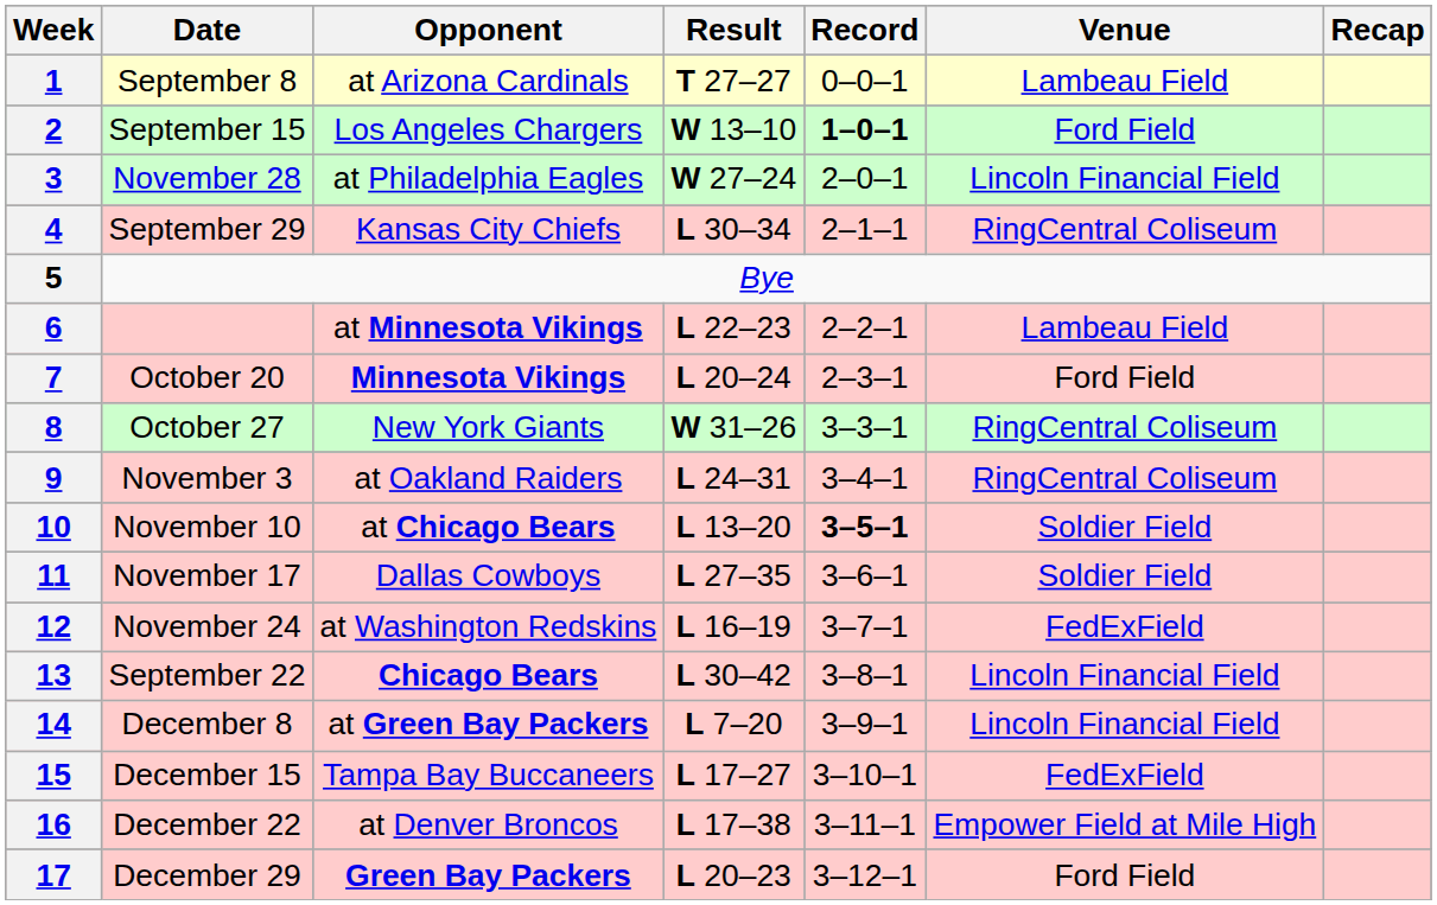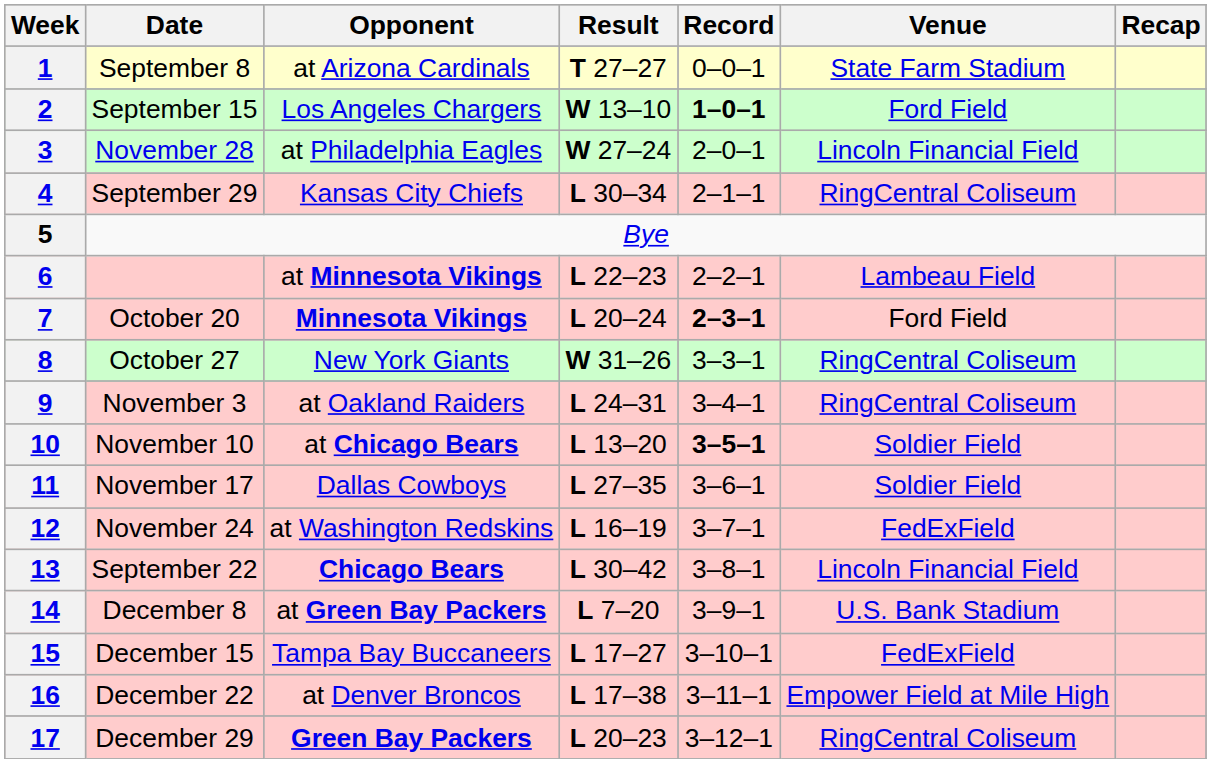 <table class="wikitable" style="text-align:center">
 <tr>
 <th>Week</th>
 <th>Date</th>
 <th>Opponent</th>
 <th>Result</th>
 <th>Record</th>
 <th>Venue</th>
 <th>Recap</th>
 </tr>
 <tr style="background:#ffc">
 <th><a href='#'>1</a></th>
 <td>September 8</td>
 <td>at <a href='#'>Arizona Cardinals</a></td>
 <td><strong>T</strong> 27–27 </td>
 <td>0–0–1</td>
-<td><a href='#'>Lambeau Field</a></td>
+<td><a href='#'>State Farm Stadium</a></td>
 <td></td>
 </tr>
 <tr style="background:#cfc">
 <th><a href='#'>2</a></th>
 <td>September 15</td>
 <td><a href='#'>Los Angeles Chargers</a></td>
 <td><strong>W</strong> 13–10</td>
 <td><strong>1–0–1</strong></td>
 <td><a href='#'>Ford Field</a></td>
 <td></td>
 </tr>
 <tr style="background:#cfc">
 <th><a href='#'>3</a></th>
 <td><a href='#'>November 28</a></td>
 <td>at <a href='#'>Philadelphia Eagles</a></td>
 <td><strong>W</strong> 27–24</td>
 <td>2–0–1</td>
 <td><a href='#'>Lincoln Financial Field</a></td>
 <td></td>
 </tr>
 <tr style="background:#fcc">
 <th><a href='#'>4</a></th>
 <td>September 29</td>
 <td><a href='#'>Kansas City Chiefs</a></td>
 <td><strong>L</strong> 30–34</td>
 <td>2–1–1</td>
 <td><a href='#'>RingCentral Coliseum</a></td>
 <td></td>
 </tr>
 <tr>
 <th>5</th>
 <td colspan="6"><em><a href='#'>Bye</a></em></td>
 </tr>
 <tr style="background:#fcc">
 <th><a href='#'>6</a></th>
 <td></td>
 <td>at <strong><a href='#'>Minnesota Vikings</a></strong></td>
 <td><strong>L</strong> 22–23</td>
 <td>2–2–1</td>
 <td><a href='#'>Lambeau Field</a></td>
 <td></td>
 </tr>
 <tr style="background:#fcc">
 <th><a href='#'>7</a></th>
 <td>October 20</td>
 <td><strong><a href='#'>Minnesota Vikings</a></strong></td>
 <td><strong>L</strong> 20–24</td>
-<td>2–3–1</td>
+<td><strong>2–3–1</strong></td>
 <td>Ford Field</td>
 <td></td>
 </tr>
 <tr style="background:#cfc">
 <th><a href='#'>8</a></th>
 <td>October 27</td>
 <td><a href='#'>New York Giants</a></td>
 <td><strong>W</strong> 31–26</td>
 <td>3–3–1</td>
 <td><a href='#'>RingCentral Coliseum</a></td>
 <td></td>
 </tr>
 <tr style="background:#fcc">
 <th><a href='#'>9</a></th>
 <td>November 3</td>
 <td>at <a href='#'>Oakland Raiders</a></td>
 <td><strong>L</strong> 24–31</td>
 <td>3–4–1</td>
 <td><a href='#'>RingCentral Coliseum</a></td>
 <td></td>
 </tr>
 <tr style="background:#fcc">
 <th><a href='#'>10</a></th>
 <td>November 10</td>
 <td>at <strong><a href='#'>Chicago Bears</a></strong></td>
 <td><strong>L</strong> 13–20</td>
 <td><strong>3–5–1</strong></td>
 <td><a href='#'>Soldier Field</a></td>
 <td></td>
 </tr>
 <tr style="background:#fcc">
 <th><a href='#'>11</a></th>
 <td>November 17</td>
 <td><a href='#'>Dallas Cowboys</a></td>
 <td><strong>L</strong> 27–35</td>
 <td>3–6–1</td>
 <td><a href='#'>Soldier Field</a></td>
 <td></td>
 </tr>
 <tr style="background:#fcc">
 <th><a href='#'>12</a></th>
 <td>November 24</td>
 <td>at <a href='#'>Washington Redskins</a></td>
 <td><strong>L</strong> 16–19</td>
 <td>3–7–1</td>
 <td><a href='#'>FedExField</a></td>
 <td></td>
 </tr>
 <tr style="background:#fcc">
 <th><a href='#'>13</a></th>
 <td>September 22</td>
 <td><strong><a href='#'>Chicago Bears</a></strong></td>
 <td><strong>L</strong> 30–42</td>
 <td>3–8–1</td>
 <td><a href='#'>Lincoln Financial Field</a></td>
 <td></td>
 </tr>
 <tr style="background:#fcc">
 <th><a href='#'>14</a></th>
 <td>December 8</td>
 <td>at <strong><a href='#'>Green Bay Packers</a></strong></td>
 <td><strong>L</strong> 7–20</td>
 <td>3–9–1</td>
-<td><a href='#'>Lincoln Financial Field</a></td>
+<td><a href='#'>U.S. Bank Stadium</a></td>
 <td></td>
 </tr>
 <tr style="background:#fcc">
 <th><a href='#'>15</a></th>
 <td>December 15</td>
 <td><a href='#'>Tampa Bay Buccaneers</a></td>
 <td><strong>L</strong> 17–27</td>
 <td>3–10–1</td>
 <td><a href='#'>FedExField</a></td>
 <td></td>
 </tr>
 <tr style="background:#fcc">
 <th><a href='#'>16</a></th>
 <td>December 22</td>
 <td>at <a href='#'>Denver Broncos</a></td>
 <td><strong>L</strong> 17–38</td>
 <td>3–11–1</td>
 <td><a href='#'>Empower Field at Mile High</a></td>
 <td></td>
 </tr>
 <tr style="background:#fcc">
 <th><a href='#'>17</a></th>
 <td>December 29</td>
 <td><strong><a href='#'>Green Bay Packers</a></strong></td>
 <td><strong>L</strong> 20–23</td>
 <td>3–12–1</td>
-<td>Ford Field</td>
+<td><a href='#'>RingCentral Coliseum</a></td>
 <td></td>
 </tr>
 </table>
